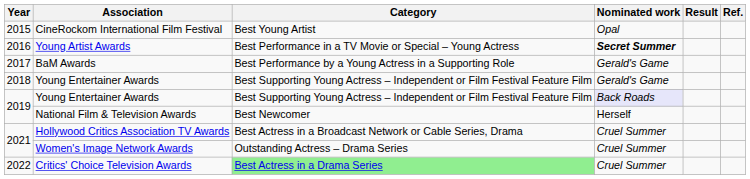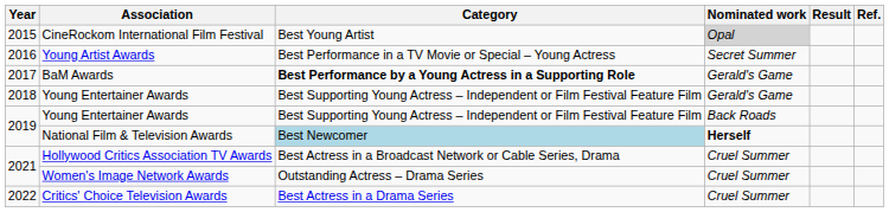 <table class="wikitable">
 <tr>
 <th>Year</th>
 <th>Association</th>
 <th>Category</th>
 <th>Nominated work</th>
 <th>Result</th>
 <th>Ref.</th>
 </tr>
 <tr>
 <td>2015</td>
 <td>CineRockom International Film Festival</td>
 <td>Best Young Artist</td>
-<td><em>Opal</em></td>
+<td style="background: lightgrey;"><em>Opal</em></td>
 <td></td>
 <td></td>
 </tr>
 <tr>
 <td>2016</td>
 <td><a href='#'>Young Artist Awards</a></td>
 <td>Best Performance in a TV Movie or Special – Young Actress</td>
-<td><strong><em>Secret Summer</em></strong></td>
+<td><em>Secret Summer</em></td>
 <td></td>
 <td></td>
 </tr>
 <tr>
 <td>2017</td>
 <td>BaM Awards</td>
-<td>Best Performance by a Young Actress in a Supporting Role</td>
+<td><strong>Best Performance by a Young Actress in a Supporting Role</strong></td>
 <td><em>Gerald's Game</em></td>
 <td></td>
 <td></td>
 </tr>
 <tr>
 <td>2018</td>
 <td>Young Entertainer Awards</td>
 <td>Best Supporting Young Actress – Independent or Film Festival Feature Film</td>
 <td><em>Gerald's Game</em></td>
 <td></td>
 <td></td>
 </tr>
 <tr>
 <td rowspan="2">2019</td>
 <td>Young Entertainer Awards</td>
 <td>Best Supporting Young Actress – Independent or Film Festival Feature Film</td>
-<td style="background: lavender;"><em>Back Roads</em></td>
+<td><em>Back Roads</em></td>
 <td></td>
 <td></td>
 </tr>
 <tr>
 <td>National Film & Television Awards</td>
-<td>Best Newcomer</td>
-<td>Herself</td>
+<td style="background: lightblue;">Best Newcomer</td>
+<td><strong>Herself</strong></td>
 <td></td>
 <td></td>
 </tr>
 <tr>
 <td rowspan="2">2021</td>
 <td><a href='#'>Hollywood Critics Association TV Awards</a></td>
 <td>Best Actress in a Broadcast Network or Cable Series, Drama</td>
 <td><em>Cruel Summer</em></td>
 <td></td>
 <td></td>
 </tr>
 <tr>
 <td><a href='#'>Women's Image Network Awards</a></td>
 <td>Outstanding Actress – Drama Series</td>
 <td><em>Cruel Summer</em></td>
 <td></td>
 <td></td>
 </tr>
 <tr>
 <td>2022</td>
 <td><a href='#'>Critics' Choice Television Awards</a></td>
-<td style="background: lightgreen;"><a href='#'>Best Actress in a Drama Series</a></td>
+<td><a href='#'>Best Actress in a Drama Series</a></td>
 <td><em>Cruel Summer</em></td>
 <td></td>
 <td></td>
 </tr>
 </table>
